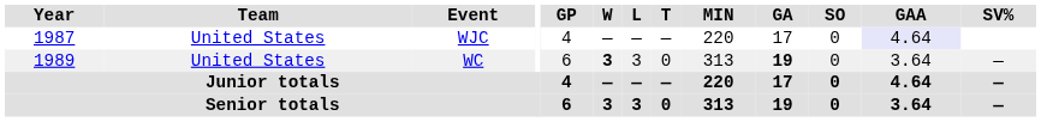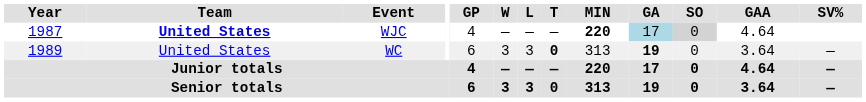 <table border="0" cellpadding="1" cellspacing="0" ID="Table3" style="text-align:center; width:60em">
 <tr ALIGN="center" bgcolor="#e0e0e0">
 <th>Year</th>
 <th>Team</th>
 <th>Event</th>
 <th rowspan="99" bgcolor="#ffffff"></th>
 <th>GP</th>
 <th>W</th>
 <th>L</th>
 <th>T</th>
 <th>MIN</th>
 <th>GA</th>
 <th>SO</th>
 <th>GAA</th>
 <th>SV%</th>
 </tr>
 <tr>
 <td><a href='#'>1987</a></td>
-<td><a href='#'>United States</a></td>
+<td><strong><a href='#'>United States</a></strong></td>
 <td><a href='#'>WJC</a></td>
 <td>4</td>
 <td>—</td>
 <td>—</td>
 <td>—</td>
-<td>220</td>
-<td>17</td>
-<td>0</td>
-<td style="background: lavender;">4.64</td>
+<td><strong>220</strong></td>
+<td style="background: lightblue;">17</td>
+<td style="background: lightgrey;">0</td>
+<td>4.64</td>
 </tr>
 <tr bgcolor="#f0f0f0">
 <td><a href='#'>1989</a></td>
 <td><a href='#'>United States</a></td>
 <td><a href='#'>WC</a></td>
 <td>6</td>
-<td><strong>3</strong></td>
 <td>3</td>
-<td>0</td>
+<td>3</td>
+<td><strong>0</strong></td>
 <td>313</td>
 <td><strong>19</strong></td>
 <td>0</td>
 <td>3.64</td>
 <td>—</td>
 </tr>
 <tr bgcolor="#e0e0e0">
 <th colspan=4>Junior totals</th>
 <th>4</th>
 <th>—</th>
 <th>—</th>
 <th>—</th>
 <th>220</th>
 <th>17</th>
 <th>0</th>
 <th>4.64</th>
 <th>—</th>
 </tr>
 <tr bgcolor="#e0e0e0">
 <th colspan=4>Senior totals</th>
 <th>6</th>
 <th>3</th>
 <th>3</th>
 <th>0</th>
 <th>313</th>
 <th>19</th>
 <th>0</th>
 <th>3.64</th>
 <th>—</th>
 </tr>
 </table>
